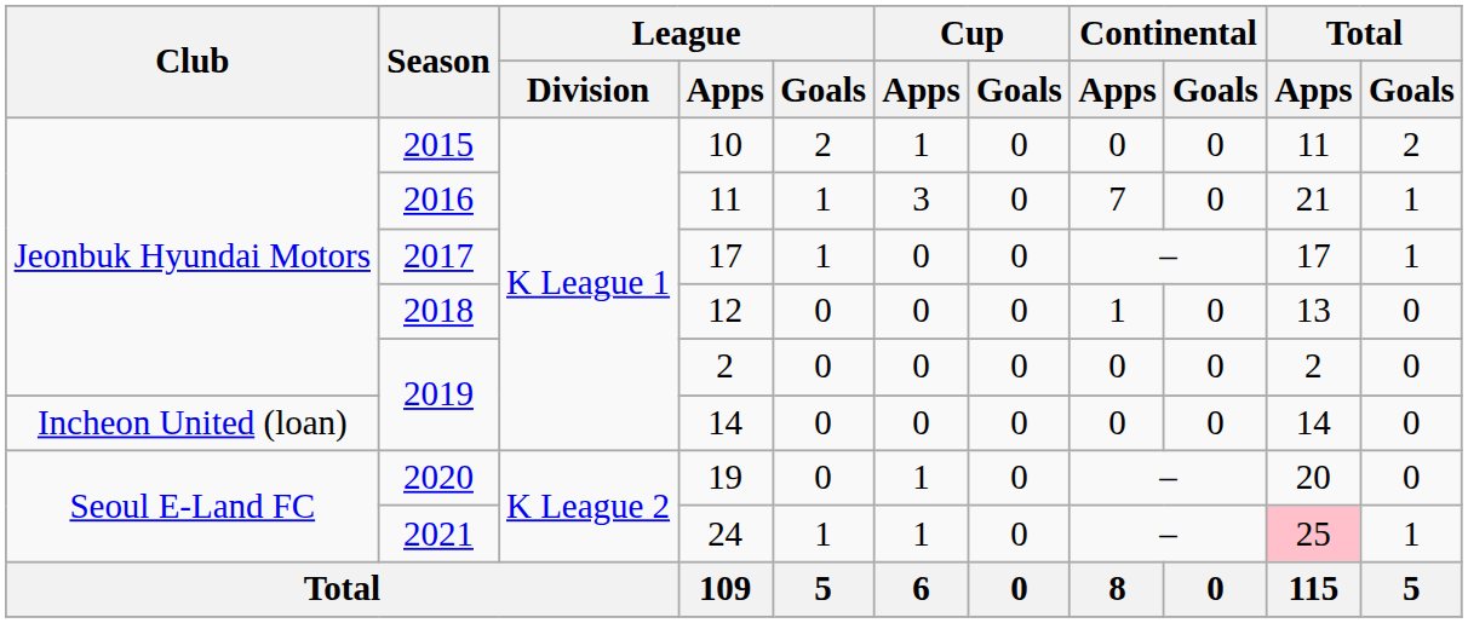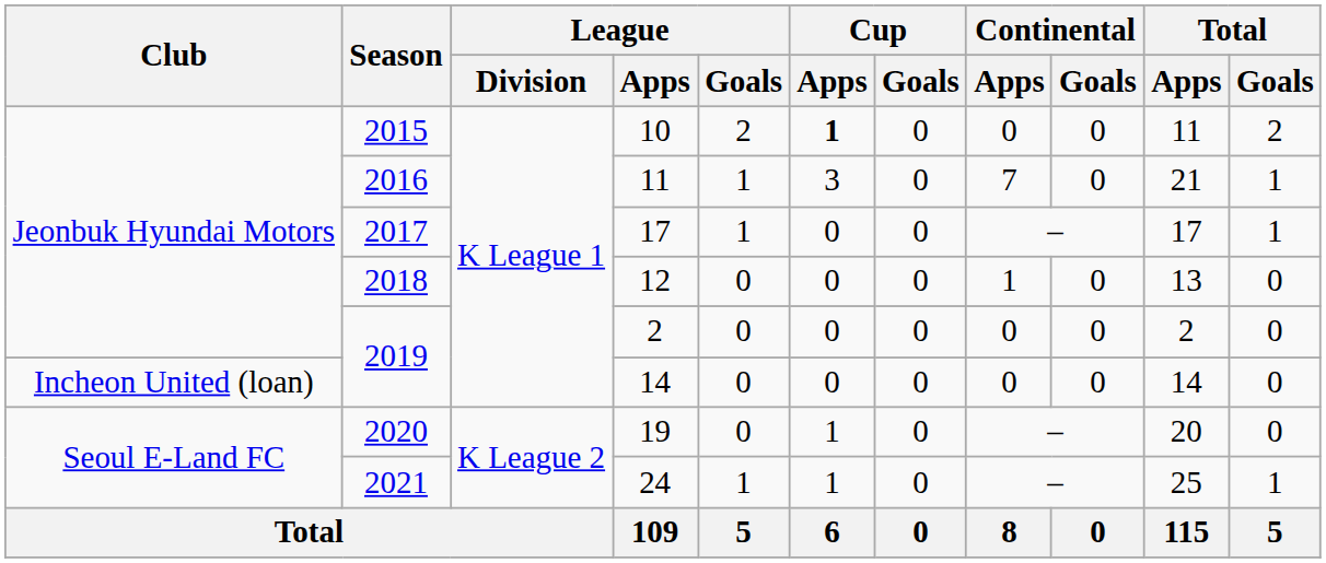 <table class="wikitable" style="text-align: center;">
 <tr>
 <th rowspan="2">Club</th>
 <th rowspan="2">Season</th>
 <th colspan="3">League</th>
 <th colspan="2">Cup</th>
 <th colspan="2">Continental</th>
 <th colspan="2">Total</th>
 </tr>
 <tr>
 <th>Division</th>
 <th>Apps</th>
 <th>Goals</th>
 <th>Apps</th>
 <th>Goals</th>
 <th>Apps</th>
 <th>Goals</th>
 <th>Apps</th>
 <th>Goals</th>
 </tr>
 <tr>
 <td rowspan="5"><a href='#'>Jeonbuk Hyundai Motors</a></td>
 <td><a href='#'>2015</a></td>
 <td rowspan=6><a href='#'>K League 1</a></td>
 <td>10</td>
 <td>2</td>
-<td>1</td>
+<td><strong>1</strong></td>
 <td>0</td>
 <td>0</td>
 <td>0</td>
 <td>11</td>
 <td>2</td>
 </tr>
 <tr>
 <td><a href='#'>2016</a></td>
 <td>11</td>
 <td>1</td>
 <td>3</td>
 <td>0</td>
 <td>7</td>
 <td>0</td>
 <td>21</td>
 <td>1</td>
 </tr>
 <tr>
 <td><a href='#'>2017</a></td>
 <td>17</td>
 <td>1</td>
 <td>0</td>
 <td>0</td>
 <td colspan="2">–</td>
 <td>17</td>
 <td>1</td>
 </tr>
 <tr>
 <td><a href='#'>2018</a></td>
 <td>12</td>
 <td>0</td>
 <td>0</td>
 <td>0</td>
 <td>1</td>
 <td>0</td>
 <td>13</td>
 <td>0</td>
 </tr>
 <tr>
 <td rowspan="2"><a href='#'>2019</a></td>
 <td>2</td>
 <td>0</td>
 <td>0</td>
 <td>0</td>
 <td>0</td>
 <td>0</td>
 <td>2</td>
 <td>0</td>
 </tr>
 <tr>
 <td><a href='#'>Incheon United</a> (loan)</td>
 <td>14</td>
 <td>0</td>
 <td>0</td>
 <td>0</td>
 <td>0</td>
 <td>0</td>
 <td>14</td>
 <td>0</td>
 </tr>
 <tr>
 <td rowspan="2"><a href='#'>Seoul E-Land FC</a></td>
 <td><a href='#'>2020</a></td>
 <td rowspan=2><a href='#'>K League 2</a></td>
 <td>19</td>
 <td>0</td>
 <td>1</td>
 <td>0</td>
 <td colspan="2">–</td>
 <td>20</td>
 <td>0</td>
 </tr>
 <tr>
 <td><a href='#'>2021</a></td>
 <td>24</td>
 <td>1</td>
 <td>1</td>
 <td>0</td>
 <td colspan="2">–</td>
-<td style="background: pink;">25</td>
+<td>25</td>
 <td>1</td>
 </tr>
 <tr>
 <th colspan="3">Total</th>
 <th>109</th>
 <th>5</th>
 <th>6</th>
 <th>0</th>
 <th>8</th>
 <th>0</th>
 <th>115</th>
 <th>5</th>
 </tr>
 </table>
